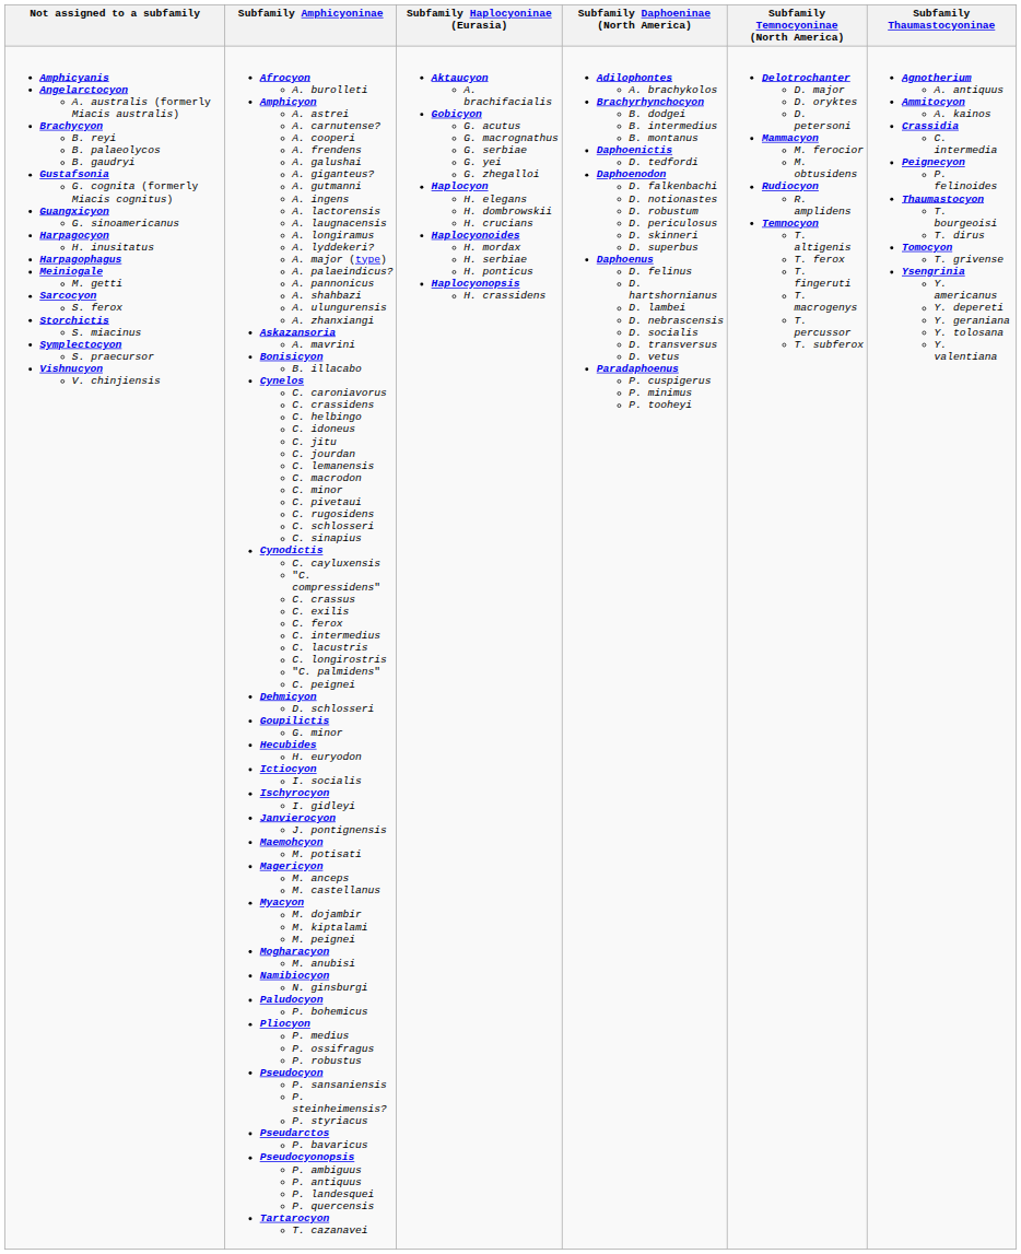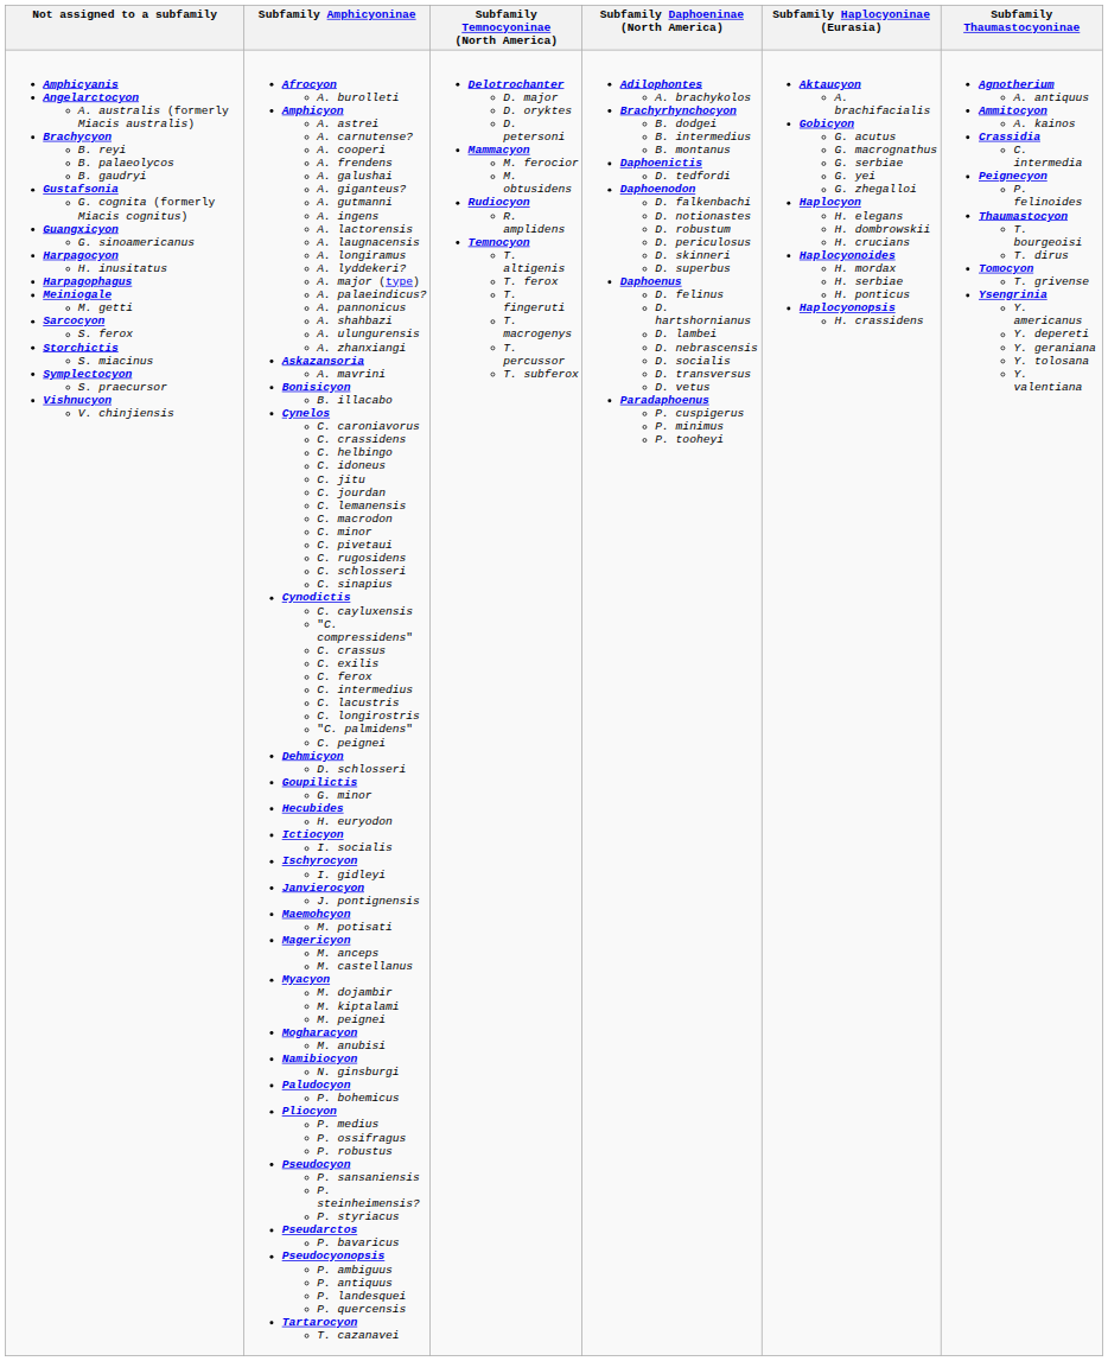 <table class="wikitable">
 <tr style="vertical-align: top;">
 <th>Not assigned to a subfamily</th>
 <th>Subfamily <a href='#'>Amphicyoninae</a></th>
+<th>Subfamily <a href='#'>Temnocyoninae</a><br>(North America)</th>
+<th>Subfamily <a href='#'>Daphoeninae</a><br>(North America)</th>
 <th>Subfamily <a href='#'>Haplocyoninae</a><br>(Eurasia)</th>
-<th>Subfamily <a href='#'>Daphoeninae</a><br>(North America)</th>
-<th>Subfamily <a href='#'>Temnocyoninae</a><br>(North America)</th>
 <th>Subfamily <a href='#'>Thaumastocyoninae</a></th>
 </tr>
 <tr style="vertical-align: top;">
 <td><br><ul><li><strong><em><a href='#'>Amphicyanis</a></em></strong></li><li><strong><em><a href='#'>Angelarctocyon</a></em></strong><ul><li><em>A. australis</em> (formerly <em>Miacis australis</em>)</li></ul></li><li><strong><em><a href='#'>Brachycyon</a></em></strong><ul><li><em>B. reyi</em></li><li><em>B. palaeolycos</em></li><li><em>B. gaudryi</em></li></ul></li><li><strong><em><a href='#'>Gustafsonia</a></em></strong><ul><li><em>G. cognita</em> (formerly <em>Miacis cognitus</em>)</li></ul></li><li><strong><em><a href='#'>Guangxicyon</a></em></strong><ul><li><em>G. sinoamericanus</em></li></ul></li><li><strong><em><a href='#'>Harpagocyon</a></em></strong><ul><li><em>H. inusitatus</em></li></ul></li><li><strong><em><a href='#'>Harpagophagus</a></em></strong></li><li><strong><em><a href='#'>Meiniogale</a></em></strong><ul><li><em>M. getti</em></li></ul></li><li><strong><em><a href='#'>Sarcocyon</a></em></strong> <ul><li><em>S. ferox</em></li></ul></li><li><strong><em><a href='#'>Storchictis</a></em></strong><ul><li><em>S. miacinus</em></li></ul></li><li><strong><em><a href='#'>Symplectocyon</a></em></strong><ul><li><em>S. praecursor</em></li></ul></li><li><strong><em><a href='#'>Vishnucyon</a></em></strong><ul><li><em>V. chinjiensis</em></li></ul></li></ul></td>
 <td><br><ul><li><strong><em><a href='#'>Afrocyon</a></em></strong><ul><li><em>A. burolleti</em></li></ul></li><li><strong><em><a href='#'>Amphicyon</a></em></strong><ul><li><em>A. astrei</em></li><li><em>A. carnutense?</em></li><li><em>A. cooperi</em></li><li><em>A. frendens</em></li><li><em>A. galushai</em></li><li><em>A. giganteus?</em></li><li><em>A. gutmanni</em></li><li><em>A. ingens</em></li><li><em>A. lactorensis</em></li><li><em>A. laugnacensis</em></li><li><em>A. longiramus</em></li><li><em>A. lyddekeri?</em></li><li><em>A. major</em> (<a href='#'>type</a>)</li><li><em>A. palaeindicus?</em></li><li><em>A. pannonicus</em></li><li><em>A. shahbazi</em></li><li><em>A. ulungurensis</em></li><li><em>A. zhanxiangi</em></li></ul></li><li><strong><em><a href='#'>Askazansoria</a></em></strong><ul><li><em>A. mavrini</em></li></ul></li><li><strong><em><a href='#'>Bonisicyon</a></em></strong><ul><li><em>B. illacabo</em></li></ul></li><li><strong><em><a href='#'>Cynelos</a></em></strong><ul><li><em>C. caroniavorus</em></li><li><em>C. crassidens</em></li><li><em>C. helbingo</em></li><li><em>C. idoneus</em></li><li><em>C. jitu</em></li><li><em>C. jourdan</em></li><li><em>C. lemanensis</em></li><li><em>C. macrodon</em></li><li><em>C. minor</em></li><li><em>C. pivetaui</em></li><li><em>C. rugosidens</em></li><li><em>C. schlosseri</em></li><li><em>C. sinapius</em></li></ul></li><li><strong><em><a href='#'>Cynodictis</a></em></strong><ul><li><em>C. cayluxensis</em></li><li>"<em>C. compressidens</em>"</li><li><em>C. crassus</em></li><li><em>C. exilis</em></li><li><em>C. ferox</em></li><li><em>C. intermedius</em></li><li><em>C. lacustris</em></li><li><em>C. longirostris</em></li><li>"<em>C. palmidens</em>"</li><li><em>C. peignei</em></li></ul></li><li><strong><em><a href='#'>Dehmicyon</a></em></strong><ul><li><em>D. schlosseri</em></li></ul></li><li><strong><em><a href='#'>Goupilictis</a></em></strong><ul><li><em>G. minor</em></li></ul></li><li><strong><em><a href='#'>Hecubides</a></em></strong><ul><li><em>H. euryodon</em></li></ul></li><li><strong><em><a href='#'>Ictiocyon</a></em></strong><ul><li><em>I. socialis</em></li></ul></li><li><strong><em><a href='#'>Ischyrocyon</a></em></strong><ul><li><em>I. gidleyi</em></li></ul></li><li><strong><em><a href='#'>Janvierocyon</a></em></strong><ul><li><em>J. pontignensis</em></li></ul></li><li><strong><em><a href='#'>Maemohcyon</a></em></strong><ul><li><em>M. potisati</em></li></ul></li><li><strong><em><a href='#'>Magericyon</a></em></strong><ul><li><em>M. anceps</em></li><li><em>M. castellanus</em></li></ul></li><li><strong><em><a href='#'>Myacyon</a></em></strong><ul><li><em>M. dojambir</em></li><li><em>M. kiptalami</em></li><li><em>M. peignei</em></li></ul></li><li><strong><em><a href='#'>Mogharacyon</a></em></strong><ul><li><em>M. anubisi</em></li></ul></li><li><strong><em><a href='#'>Namibiocyon</a></em></strong><ul><li><em>N. ginsburgi</em></li></ul></li><li><strong><em><a href='#'>Paludocyon</a></em></strong><ul><li><em>P. bohemicus</em></li></ul></li><li><strong><em><a href='#'>Pliocyon</a></em></strong><ul><li><em>P. medius</em></li><li><em>P. ossifragus</em></li><li><em>P. robustus</em></li></ul></li><li><strong><em><a href='#'>Pseudocyon</a></em></strong><ul><li><em>P. sansaniensis</em></li><li><em>P. steinheimensis?</em></li><li><em>P. styriacus</em></li></ul></li><li><strong><em><a href='#'>Pseudarctos</a></em></strong><ul><li><em>P. bavaricus</em></li></ul></li><li><strong><em><a href='#'>Pseudocyonopsis</a></em></strong><ul><li><em>P. ambiguus</em></li><li><em>P. antiquus</em></li><li><em>P. landesquei</em></li><li><em>P. quercensis</em></li></ul></li><li><strong><em><a href='#'>Tartarocyon</a></em></strong><ul><li><em>T. cazanavei</em></li></ul></li></ul></td>
+<td><br><ul><li><strong><em><a href='#'>Delotrochanter</a></em></strong><ul><li><em>D. major</em></li><li><em>D. oryktes</em></li><li><em>D. petersoni</em></li></ul></li><li><strong><em><a href='#'>Mammacyon</a></em></strong><ul><li><em>M. ferocior</em></li><li><em>M. obtusidens</em></li></ul></li><li><strong><em><a href='#'>Rudiocyon</a></em></strong><ul><li><em>R. amplidens</em></li></ul></li><li><strong><em><a href='#'>Temnocyon</a></em></strong><ul><li><em>T. altigenis</em></li><li><em>T. ferox</em></li><li><em>T. fingeruti</em></li><li><em>T. macrogenys</em></li><li><em>T. percussor</em></li><li><em>T. subferox</em></li></ul></li></ul></td>
+<td><br><ul><li><strong><em><a href='#'>Adilophontes</a></em></strong><ul><li><em>A. brachykolos</em></li></ul></li><li><strong><em><a href='#'>Brachyrhynchocyon</a></em></strong><ul><li><em>B. dodgei</em></li><li><em>B. intermedius</em></li><li><em>B. montanus</em></li></ul></li><li><strong><em><a href='#'>Daphoenictis</a></em></strong><ul><li><em>D. tedfordi</em></li></ul></li><li><strong><em><a href='#'>Daphoenodon</a></em></strong><ul><li><em>D. falkenbachi</em></li><li><em>D. notionastes</em></li><li><em>D. robustum</em></li><li><em>D. periculosus</em></li><li><em>D. skinneri</em></li><li><em>D. superbus</em></li></ul></li><li><strong><em><a href='#'>Daphoenus</a></em></strong><ul><li><em>D. felinus</em></li><li><em>D. hartshornianus</em></li><li><em>D. lambei</em></li><li><em>D. nebrascensis</em></li><li><em>D. socialis</em></li><li><em>D. transversus</em></li><li><em>D. vetus</em></li></ul></li><li><strong><em><a href='#'>Paradaphoenus</a></em></strong><ul><li><em>P. cuspigerus</em></li><li><em>P. minimus</em></li><li><em>P. tooheyi</em></li></ul></li></ul></td>
 <td><br><ul><li><strong><em><a href='#'>Aktaucyon</a></em></strong><ul><li><em>A. brachifacialis</em></li></ul></li><li><strong><em><a href='#'>Gobicyon</a></em></strong><ul><li><em>G. acutus</em></li><li><em>G. macrognathus</em></li><li><em>G. serbiae</em></li><li><em>G. yei</em></li><li><em>G. zhegalloi</em></li></ul></li><li><strong><em><a href='#'>Haplocyon</a></em></strong><ul><li><em>H. elegans</em></li><li><em>H. dombrowskii</em></li><li><em>H. crucians</em></li></ul></li><li><strong><em><a href='#'>Haplocyonoides</a></em></strong><ul><li><em>H. mordax</em></li><li><em>H. serbiae</em></li><li><em>H. ponticus</em></li></ul></li><li><strong><em><a href='#'>Haplocyonopsis</a></em></strong><ul><li><em>H. crassidens</em></li></ul></li></ul></td>
-<td><br><ul><li><strong><em><a href='#'>Adilophontes</a></em></strong><ul><li><em>A. brachykolos</em></li></ul></li><li><strong><em><a href='#'>Brachyrhynchocyon</a></em></strong><ul><li><em>B. dodgei</em></li><li><em>B. intermedius</em></li><li><em>B. montanus</em></li></ul></li><li><strong><em><a href='#'>Daphoenictis</a></em></strong><ul><li><em>D. tedfordi</em></li></ul></li><li><strong><em><a href='#'>Daphoenodon</a></em></strong><ul><li><em>D. falkenbachi</em></li><li><em>D. notionastes</em></li><li><em>D. robustum</em></li><li><em>D. periculosus</em></li><li><em>D. skinneri</em></li><li><em>D. superbus</em></li></ul></li><li><strong><em><a href='#'>Daphoenus</a></em></strong><ul><li><em>D. felinus</em></li><li><em>D. hartshornianus</em></li><li><em>D. lambei</em></li><li><em>D. nebrascensis</em></li><li><em>D. socialis</em></li><li><em>D. transversus</em></li><li><em>D. vetus</em></li></ul></li><li><strong><em><a href='#'>Paradaphoenus</a></em></strong><ul><li><em>P. cuspigerus</em></li><li><em>P. minimus</em></li><li><em>P. tooheyi</em></li></ul></li></ul></td>
-<td><br><ul><li><strong><em><a href='#'>Delotrochanter</a></em></strong><ul><li><em>D. major</em></li><li><em>D. oryktes</em></li><li><em>D. petersoni</em></li></ul></li><li><strong><em><a href='#'>Mammacyon</a></em></strong><ul><li><em>M. ferocior</em></li><li><em>M. obtusidens</em></li></ul></li><li><strong><em><a href='#'>Rudiocyon</a></em></strong><ul><li><em>R. amplidens</em></li></ul></li><li><strong><em><a href='#'>Temnocyon</a></em></strong><ul><li><em>T. altigenis</em></li><li><em>T. ferox</em></li><li><em>T. fingeruti</em></li><li><em>T. macrogenys</em></li><li><em>T. percussor</em></li><li><em>T. subferox</em></li></ul></li></ul></td>
 <td><br><ul><li><strong><em><a href='#'>Agnotherium</a></em></strong><ul><li><em>A. antiquus</em></li></ul></li><li><strong><em><a href='#'>Ammitocyon</a></em></strong><ul><li><em>A. kainos</em></li></ul></li><li><strong><em><a href='#'>Crassidia</a></em></strong><ul><li><em>C. intermedia</em></li></ul></li><li><strong><em><a href='#'>Peignecyon</a></em></strong><ul><li><em>P. felinoides</em></li></ul></li><li><strong><em><a href='#'>Thaumastocyon</a></em></strong><ul><li><em>T. bourgeoisi</em></li><li><em>T. dirus</em></li></ul></li><li><strong><em><a href='#'>Tomocyon</a></em></strong><ul><li><em>T. grivense</em></li></ul></li><li><strong><em><a href='#'>Ysengrinia</a></em></strong><ul><li><em>Y. americanus</em></li><li><em>Y. depereti</em></li><li><em>Y. geraniana</em></li><li><em>Y. tolosana</em></li><li><em>Y. valentiana</em></li></ul></li></ul></td>
 </tr>
 </table>
